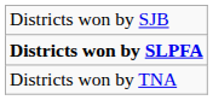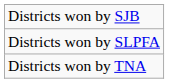 <table class="wikitable">
 <tr>
 <td>Districts won by <a href='#'>SJB</a></td>
 </tr>
 <tr>
-<td><strong>Districts won by <a href='#'>SLPFA</a></strong></td>
+<td>Districts won by <a href='#'>SLPFA</a></td>
 </tr>
 <tr>
 <td>Districts won by <a href='#'>TNA</a></td>
 </tr>
 </table>
